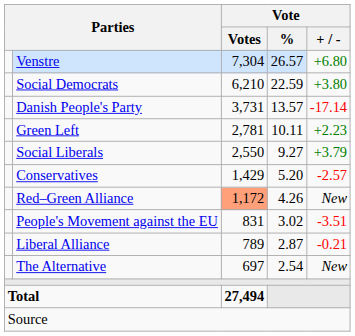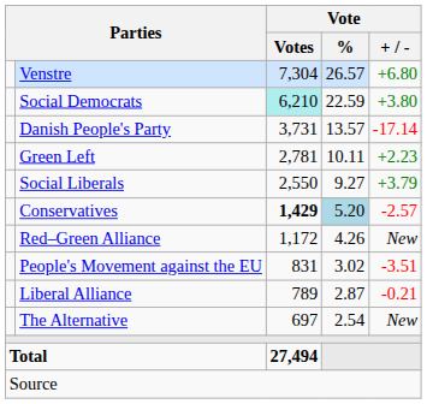 <table class="wikitable" style="text-align:right;">
 <tr>
 <th style="text-align:centre;" rowspan="2" colspan="2" width="225">Parties</th>
 <th colspan="3">Vote</th>
 </tr>
 <tr>
 <th width="15">Votes</th>
 <th width="15">%</th>
 <th width="15">+ / -</th>
 </tr>
 <tr>
 <td width="2" style="color:inherit;background:"></td>
 <td bgcolor=#cfe5fe   align="left"><a href='#'>Venstre</a></td>
 <td bgcolor=#cfe5fe>7,304</td>
 <td bgcolor=#cfe5fe>26.57</td>
 <td style=color:green;>+6.80</td>
 </tr>
 <tr>
 <td width="2" style="color:inherit;background:"></td>
 <td align="left"><a href='#'>Social Democrats</a></td>
-<td>6,210</td>
+<td style="background: paleturquoise;">6,210</td>
 <td>22.59</td>
 <td style=color:green;>+3.80</td>
 </tr>
 <tr>
 <td width="2" style="color:inherit;background:"></td>
 <td align="left"><a href='#'>Danish People's Party</a></td>
 <td>3,731</td>
 <td>13.57</td>
 <td style=color:red;>-17.14</td>
 </tr>
 <tr>
 <td width="2" style="color:inherit;background:"></td>
 <td align="left"><a href='#'>Green Left</a></td>
 <td>2,781</td>
 <td>10.11</td>
 <td style=color:green;>+2.23</td>
 </tr>
 <tr>
 <td width="2" style="color:inherit;background:"></td>
 <td align="left"><a href='#'>Social Liberals</a></td>
 <td>2,550</td>
 <td>9.27</td>
 <td style=color:green;>+3.79</td>
 </tr>
 <tr>
 <td width="2" style="color:inherit;background:"></td>
 <td align="left"><a href='#'>Conservatives</a></td>
-<td>1,429</td>
-<td>5.20</td>
+<td><strong>1,429</strong></td>
+<td style="background: lightblue;">5.20</td>
 <td style=color:red;>-2.57</td>
 </tr>
 <tr>
 <td width="2" style="color:inherit;background:"></td>
 <td align="left"><a href='#'>Red–Green Alliance</a></td>
-<td style="background: lightsalmon;">1,172</td>
+<td>1,172</td>
 <td>4.26</td>
 <td><em>New</em></td>
 </tr>
 <tr>
 <td width="2" style="color:inherit;background:"></td>
 <td align="left"><a href='#'>People's Movement against the EU</a></td>
 <td>831</td>
 <td>3.02</td>
 <td style=color:red;>-3.51</td>
 </tr>
 <tr>
 <td width="2" style="color:inherit;background:"></td>
 <td align="left"><a href='#'>Liberal Alliance</a></td>
 <td>789</td>
 <td>2.87</td>
 <td style=color:red;>-0.21</td>
 </tr>
 <tr>
 <td width="2" style="color:inherit;background:"></td>
 <td align="left"><a href='#'>The Alternative</a></td>
 <td>697</td>
 <td>2.54</td>
 <td><em>New</em></td>
 </tr>
 <tr>
 <td colspan="7" bgcolor="#E9E9E9"></td>
 </tr>
 <tr>
 <td align="left" colspan="2"><strong>Total</strong></td>
 <td><strong>27,494</strong></td>
 <td bgcolor="#E9E9E9" colspan="2"></td>
 </tr>
 <tr>
 <td align="left" colspan="6">Source</td>
 </tr>
 </table>
